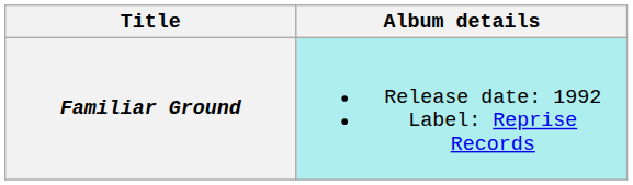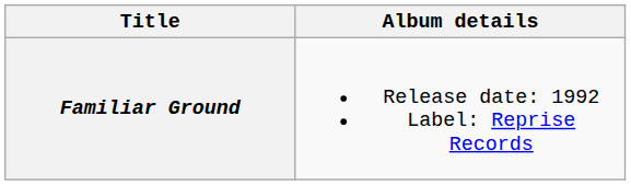 <table class="wikitable plainrowheaders" style="text-align:center;">
 <tr>
 <th style="width:14em;">Title</th>
 <th style="width:16em;">Album details</th>
 </tr>
 <tr>
 <th scope="row"><em>Familiar Ground</em></th>
-<td style="background: paleturquoise;"><br><ul><li>Release date: 1992</li><li>Label: <a href='#'>Reprise Records</a></li></ul></td>
+<td><br><ul><li>Release date: 1992</li><li>Label: <a href='#'>Reprise Records</a></li></ul></td>
 </tr>
 </table>
